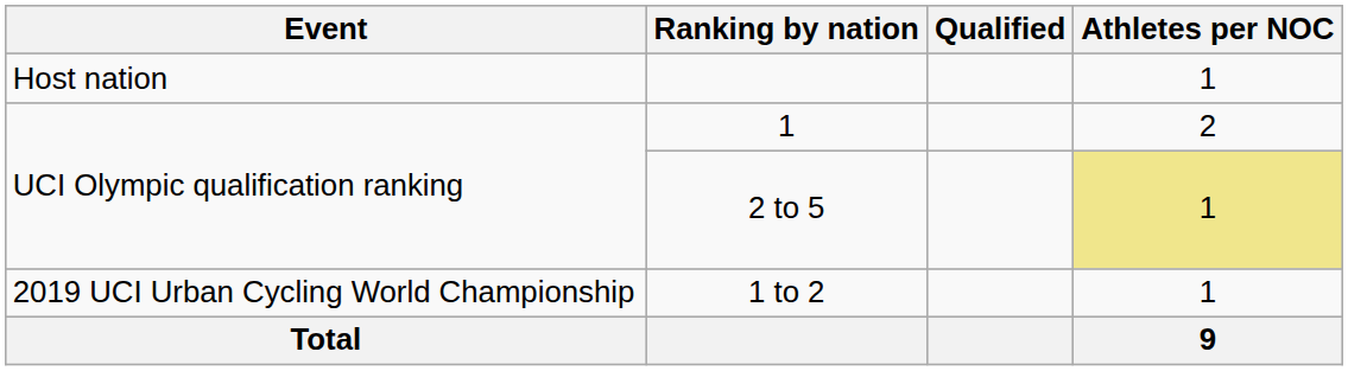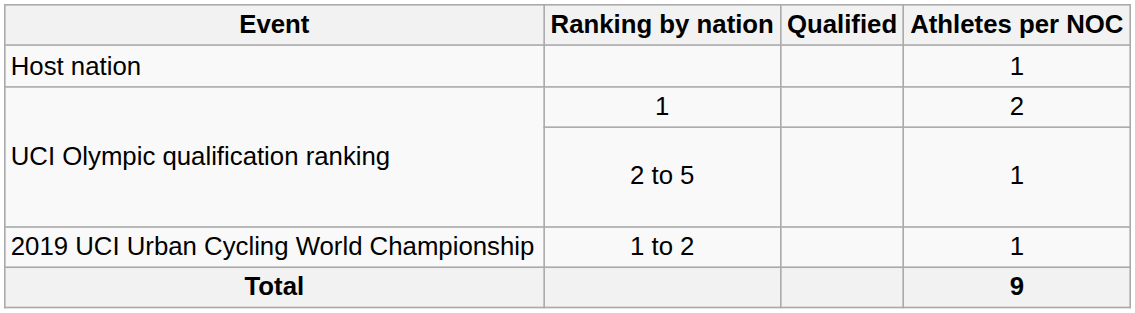 <table class="wikitable"  style="width:700px; text-align:center;">
 <tr>
 <th>Event</th>
 <th>Ranking by nation</th>
 <th>Qualified</th>
 <th>Athletes per NOC</th>
 </tr>
 <tr>
 <td align=left>Host nation</td>
 <td></td>
 <td align=left></td>
 <td>1</td>
 </tr>
 <tr>
 <td rowspan=2 align=left>UCI Olympic qualification ranking</td>
 <td>1</td>
 <td align="left"></td>
 <td>2</td>
 </tr>
 <tr>
 <td>2 to 5</td>
 <td align="left"><br><br><br></td>
-<td style="background: khaki;">1</td>
+<td>1</td>
 </tr>
 <tr>
 <td align=left>2019 UCI Urban Cycling World Championship</td>
 <td>1 to 2</td>
 <td align="left"><br></td>
 <td>1</td>
 </tr>
 <tr>
 <th>Total</th>
 <th></th>
 <th></th>
 <th>9</th>
 </tr>
 </table>
